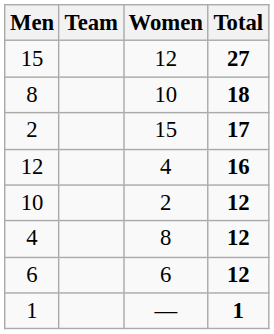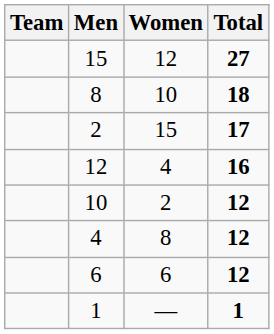 <table class=wikitable style=text-align:center>
 <tr>
+<th>Team</th>
 <th>Men</th>
-<th>Team</th>
 <th>Women</th>
 <th>Total</th>
 </tr>
 <tr>
+<td align=left></td>
 <td>15</td>
-<td align=left></td>
 <td>12</td>
 <td><strong>27</strong></td>
 </tr>
 <tr>
+<td align=left></td>
 <td>8</td>
-<td align=left></td>
 <td>10</td>
 <td><strong>18</strong></td>
 </tr>
 <tr>
+<td align=left></td>
 <td>2</td>
-<td align=left></td>
 <td>15</td>
 <td><strong>17</strong></td>
 </tr>
 <tr>
+<td align=left></td>
 <td>12</td>
-<td align=left></td>
 <td>4</td>
 <td><strong>16</strong></td>
 </tr>
 <tr>
+<td align=left></td>
 <td>10</td>
-<td align=left></td>
 <td>2</td>
 <td><strong>12</strong></td>
 </tr>
 <tr>
+<td align=left></td>
 <td>4</td>
-<td align=left></td>
 <td>8</td>
 <td><strong>12</strong></td>
 </tr>
 <tr>
+<td align=left></td>
 <td>6</td>
-<td align=left></td>
 <td>6</td>
 <td><strong>12</strong></td>
 </tr>
 <tr>
+<td align=left></td>
 <td>1</td>
-<td align=left></td>
 <td>—</td>
 <td><strong>1</strong></td>
 </tr>
 </table>
